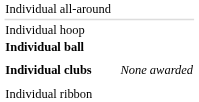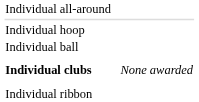 <table>
 <tr>
 <td>Individual all-around<br></td>
 <td></td>
 <td></td>
 <td></td>
 </tr>
 <tr bgcolor=#DDDDDD>
 <td colspan=7></td>
 </tr>
 <tr>
 <td>Individual hoop<br></td>
 <td></td>
 <td></td>
 <td></td>
 </tr>
 <tr>
-<td><strong>Individual ball<br></strong></td>
+<td>Individual ball<br></td>
 <td></td>
 <td></td>
 <td></td>
 </tr>
 <tr>
 <th rowspan=2 scope=row style="text-align:left">Individual clubs<br></th>
 <td rowspan=2 style="height:30px;"></td>
 <td></td>
 <td rowspan=2 style="height:30px;" style=color:#ccc><em>None awarded</em></td>
 </tr>
 <tr>
 <td style="height:30px;"></td>
 </tr>
 <tr>
 <td>Individual ribbon<br></td>
 <td></td>
 <td></td>
 <td></td>
 </tr>
 <tr>
 </tr>
 </table>
